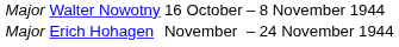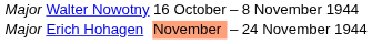 <table>
 <tr>
 <td><em>Major</em> <a href='#'>Walter Nowotny</a></td>
 <td>16 October</td>
 <td>–</td>
 <td>8 November 1944</td>
 </tr>
 <tr>
 <td><em>Major</em> <a href='#'>Erich Hohagen</a></td>
-<td>November</td>
+<td style="background: lightsalmon;">November</td>
 <td>–</td>
 <td>24 November 1944</td>
 </tr>
 </table>
